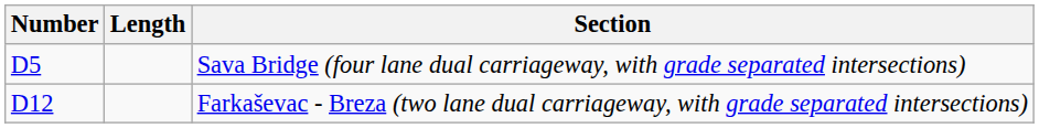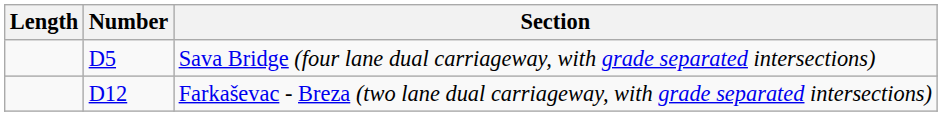 <table class="wikitable">
 <tr>
+<th>Length</th>
 <th>Number</th>
-<th>Length</th>
 <th>Section</th>
 </tr>
 <tr>
+<td></td>
 <td style="white-space: nowrap"> <a href='#'>D5</a></td>
-<td></td>
 <td><a href='#'>Sava Bridge</a> <em>(four lane dual carriageway, with <a href='#'>grade separated</a> intersections)</em></td>
 </tr>
 <tr>
+<td></td>
 <td style="white-space: nowrap"> <a href='#'>D12</a></td>
-<td></td>
 <td><a href='#'>Farkaševac</a> - <a href='#'>Breza</a> <em>(two lane dual carriageway, with <a href='#'>grade separated</a> intersections)</em></td>
 </tr>
 </table>
